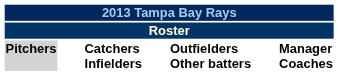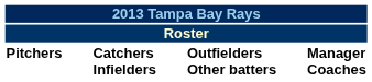 <table class="toccolours" style="font-size: 95%;">
 <tr>
 <th colspan="10" style="background:#00285d; color:#9eceee; text-align:center;">2013 Tampa Bay Rays</th>
 </tr>
 <tr>
 <td colspan="10" style="background:#036; color:#fffdd0; text-align:center;"><strong>Roster</strong></td>
 </tr>
 <tr>
-<td valign="top" style="background: lightgrey;"><strong>Pitchers</strong><br>                   </td>
+<td valign="top"><strong>Pitchers</strong><br>                   </td>
 <td style="width:25px;"></td>
 <td valign="top"><strong>Catchers</strong><br>  <strong>Infielders</strong>        </td>
 <td style="width:25px;"></td>
 <td valign="top"><strong>Outfielders</strong><br>           <strong>Other batters</strong> </td>
 <td style="width:25px;"></td>
 <td valign="top"><strong>Manager</strong><br> <strong>Coaches</strong>                  </td>
 </tr>
 </table>
